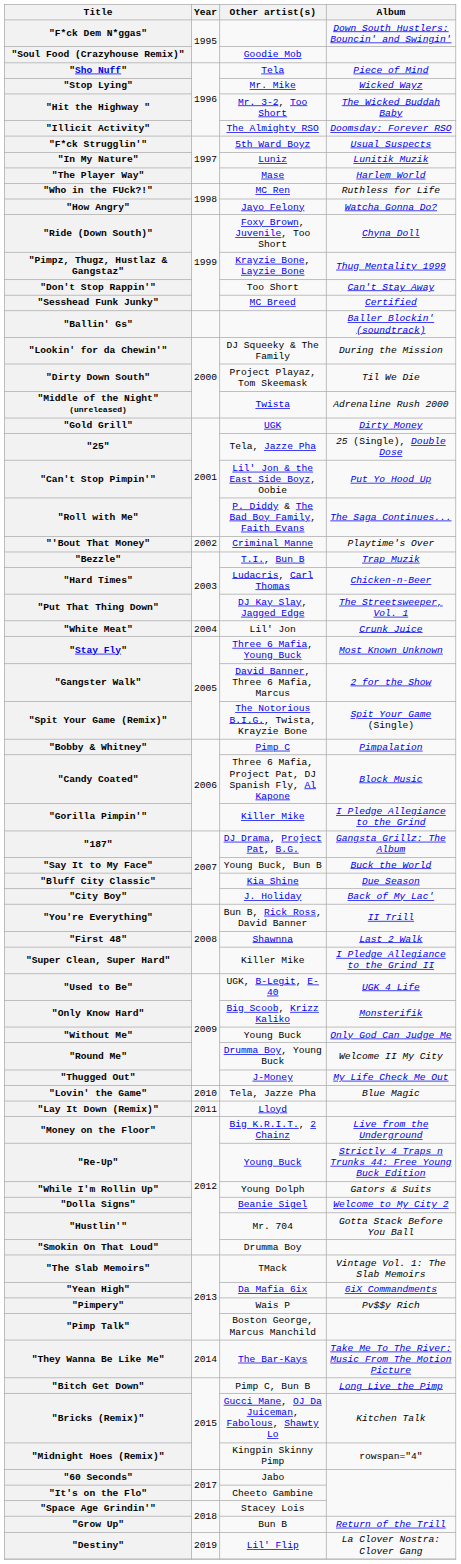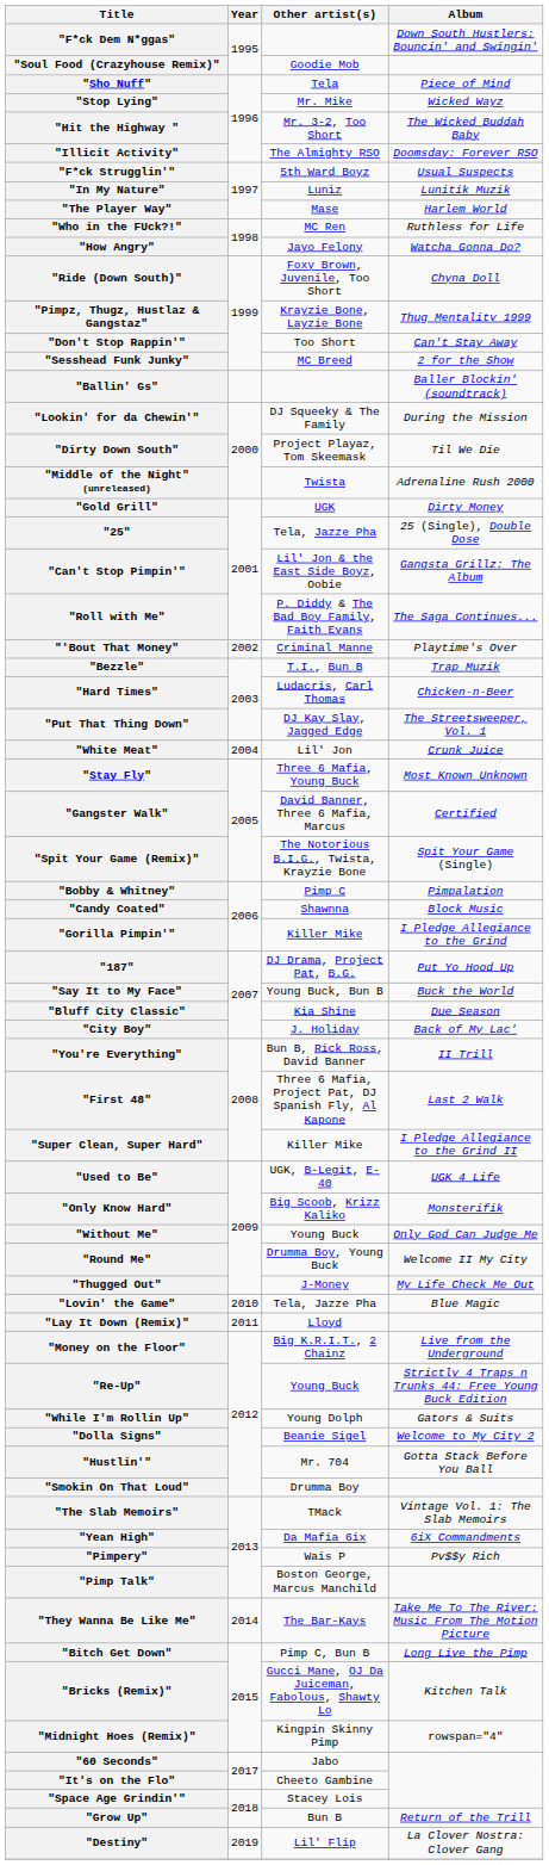 <table class="wikitable plainrowheaders" style="text-align:center;">
 <tr>
 <th scope="col" style="width:19em;">Title</th>
 <th scope="col">Year</th>
 <th scope="col">Other artist(s)</th>
 <th scope="col">Album</th>
 </tr>
 <tr>
 <th scope="row">"F*ck Dem N*ggas"</th>
 <td rowspan="2">1995</td>
 <td></td>
 <td><em><a href='#'>Down South Hustlers: Bouncin' and Swingin'</a></em></td>
 </tr>
 <tr>
 <th>"Soul Food (Crazyhouse Remix)"</th>
 <td><a href='#'>Goodie Mob</a></td>
 <td></td>
 </tr>
 <tr>
 <th scope="row">"<a href='#'>Sho Nuff</a>"</th>
 <td rowspan="4">1996</td>
 <td><a href='#'>Tela</a></td>
 <td><em><a href='#'>Piece of Mind</a></em></td>
 </tr>
 <tr>
 <th scope="row">"Stop Lying"</th>
 <td><a href='#'>Mr. Mike</a></td>
 <td><em><a href='#'>Wicked Wayz</a></em></td>
 </tr>
 <tr>
 <th scope="row">"Hit the Highway "</th>
 <td><a href='#'>Mr. 3-2</a>, <a href='#'>Too Short</a></td>
 <td><em><a href='#'>The Wicked Buddah Baby</a></em></td>
 </tr>
 <tr>
 <th>"Illicit Activity"</th>
 <td><a href='#'>The Almighty RSO</a></td>
 <td><em><a href='#'>Doomsday: Forever RSO</a></em></td>
 </tr>
 <tr>
 <th scope="row">"F*ck Strugglin'"</th>
 <td rowspan="3">1997</td>
 <td><a href='#'>5th Ward Boyz</a></td>
 <td><em><a href='#'>Usual Suspects</a></em></td>
 </tr>
 <tr>
 <th scope="row">"In My Nature"</th>
 <td><a href='#'>Luniz</a></td>
 <td><em><a href='#'>Lunitik Muzik</a></em></td>
 </tr>
 <tr>
 <th scope="row">"The Player Way"</th>
 <td><a href='#'>Mase</a></td>
 <td><em><a href='#'>Harlem World</a></em></td>
 </tr>
 <tr>
 <th>"Who in the FUck?!"</th>
 <td rowspan="2">1998</td>
 <td><a href='#'>MC Ren</a></td>
 <td><em>Ruthless for Life</em></td>
 </tr>
 <tr>
 <th scope="row">"How Angry"</th>
 <td><a href='#'>Jayo Felony</a></td>
 <td><em><a href='#'>Watcha Gonna Do?</a></em></td>
 </tr>
 <tr>
 <th scope="row">"Ride (Down South)"</th>
 <td rowspan="4">1999</td>
 <td><a href='#'>Foxy Brown</a>, <a href='#'>Juvenile</a>, Too Short</td>
 <td><em><a href='#'>Chyna Doll</a></em></td>
 </tr>
 <tr>
 <th scope="row">"Pimpz, Thugz, Hustlaz & Gangstaz"</th>
 <td><a href='#'>Krayzie Bone</a>, <a href='#'>Layzie Bone</a></td>
 <td><em><a href='#'>Thug Mentality 1999</a></em></td>
 </tr>
 <tr>
 <th scope="row">"Don't Stop Rappin'"</th>
 <td>Too Short</td>
 <td><em><a href='#'>Can't Stay Away</a></em></td>
 </tr>
 <tr>
 <th scope="row">"Sesshead Funk Junky"</th>
 <td><a href='#'>MC Breed</a></td>
-<td><em><a href='#'>Certified</a></em></td>
+<td><em><a href='#'>2 for the Show</a></em></td>
 </tr>
 <tr>
 <th>"Ballin' Gs"</th>
 <td></td>
 <td></td>
 <td><em><a href='#'>Baller Blockin' (soundtrack)</a></em></td>
 </tr>
 <tr>
 <th scope="row">"Lookin' for da Chewin'"</th>
 <td rowspan="3">2000</td>
 <td>DJ Squeeky & The Family</td>
 <td><em>During the Mission </em></td>
 </tr>
 <tr>
 <th scope="row">"Dirty Down South"</th>
 <td>Project Playaz, Tom Skeemask</td>
 <td><em>Til We Die</em></td>
 </tr>
 <tr>
 <th scope="row">"Middle of the Night" <small>(unreleased)</small></th>
 <td><a href='#'>Twista</a></td>
 <td><em>Adrenaline Rush 2000</em></td>
 </tr>
 <tr>
 <th scope="row">"Gold Grill"</th>
 <td rowspan="4">2001</td>
 <td><a href='#'>UGK</a></td>
 <td><em><a href='#'>Dirty Money</a></em></td>
 </tr>
 <tr>
 <th scope="row">"25"</th>
 <td>Tela, <a href='#'>Jazze Pha</a></td>
 <td><em>25</em> (Single), <em><a href='#'>Double Dose</a></em></td>
 </tr>
 <tr>
 <th scope="row">"Can't Stop Pimpin'"</th>
 <td><a href='#'>Lil' Jon & the East Side Boyz</a>, Oobie</td>
-<td><em><a href='#'>Put Yo Hood Up</a></em></td>
+<td><em><a href='#'>Gangsta Grillz: The Album</a></em></td>
 </tr>
 <tr>
 <th scope="row">"Roll with Me"</th>
 <td><a href='#'>P. Diddy</a> & <a href='#'>The Bad Boy Family</a>, <a href='#'>Faith Evans</a></td>
 <td><em><a href='#'>The Saga Continues...</a></em></td>
 </tr>
 <tr>
 <th scope="row">"'Bout That Money"</th>
 <td>2002</td>
 <td><a href='#'>Criminal Manne</a></td>
 <td><em>Playtime's Over</em></td>
 </tr>
 <tr>
 <th scope="row">"Bezzle"</th>
 <td rowspan="3">2003</td>
 <td><a href='#'>T.I.</a>, <a href='#'>Bun B</a></td>
 <td><em><a href='#'>Trap Muzik</a></em></td>
 </tr>
 <tr>
 <th scope="row">"Hard Times"</th>
 <td><a href='#'>Ludacris</a>, <a href='#'>Carl Thomas</a></td>
 <td><em><a href='#'>Chicken-n-Beer</a></em></td>
 </tr>
 <tr>
 <th scope="row">"Put That Thing Down"</th>
 <td><a href='#'>DJ Kay Slay</a>, <a href='#'>Jagged Edge</a></td>
 <td><em><a href='#'>The Streetsweeper, Vol. 1</a></em></td>
 </tr>
 <tr>
 <th scope="row">"White Meat"</th>
 <td>2004</td>
 <td>Lil' Jon</td>
 <td><em><a href='#'>Crunk Juice</a></em></td>
 </tr>
 <tr>
 <th scope="row">"<a href='#'>Stay Fly</a>"</th>
 <td rowspan="3">2005</td>
 <td><a href='#'>Three 6 Mafia</a>, <a href='#'>Young Buck</a></td>
 <td><em><a href='#'>Most Known Unknown</a></em></td>
 </tr>
 <tr>
 <th scope="row">"Gangster Walk"</th>
 <td><a href='#'>David Banner</a>, Three 6 Mafia, Marcus</td>
-<td><em><a href='#'>2 for the Show</a></em></td>
+<td><em><a href='#'>Certified</a></em></td>
 </tr>
 <tr>
 <th scope="row">"Spit Your Game (Remix)"</th>
 <td><a href='#'>The Notorious B.I.G.</a>, Twista, Krayzie Bone</td>
 <td><em><a href='#'>Spit Your Game</a></em> (Single)</td>
 </tr>
 <tr>
 <th scope="row">"Bobby & Whitney"</th>
 <td rowspan="3">2006</td>
 <td><a href='#'>Pimp C</a></td>
 <td><em><a href='#'>Pimpalation</a></em></td>
 </tr>
 <tr>
 <th scope="row">"Candy Coated"</th>
-<td>Three 6 Mafia, Project Pat, DJ Spanish Fly, <a href='#'>Al Kapone</a></td>
+<td><a href='#'>Shawnna</a></td>
 <td><em><a href='#'>Block Music</a></em></td>
 </tr>
 <tr>
 <th scope="row">"Gorilla Pimpin'"</th>
 <td><a href='#'>Killer Mike</a></td>
 <td><em><a href='#'>I Pledge Allegiance to the Grind</a></em></td>
 </tr>
 <tr>
 <th scope="row">"187"</th>
 <td rowspan="4">2007</td>
 <td><a href='#'>DJ Drama</a>, <a href='#'>Project Pat</a>, <a href='#'>B.G.</a></td>
-<td><em><a href='#'>Gangsta Grillz: The Album</a></em></td>
+<td><em><a href='#'>Put Yo Hood Up</a></em></td>
 </tr>
 <tr>
 <th scope="row">"Say It to My Face"</th>
 <td>Young Buck, Bun B</td>
 <td><em><a href='#'>Buck the World</a></em></td>
 </tr>
 <tr>
 <th scope="row">"Bluff City Classic"</th>
 <td><a href='#'>Kia Shine</a></td>
 <td><em><a href='#'>Due Season</a></em></td>
 </tr>
 <tr>
 <th scope="row">"City Boy"</th>
 <td><a href='#'>J. Holiday</a></td>
 <td><em><a href='#'>Back of My Lac'</a></em></td>
 </tr>
 <tr>
 <th scope="row">"You're Everything"</th>
 <td rowspan="3">2008</td>
 <td>Bun B, <a href='#'>Rick Ross</a>, David Banner</td>
 <td><em><a href='#'>II Trill</a></em></td>
 </tr>
 <tr>
 <th scope="row">"First 48"</th>
-<td><a href='#'>Shawnna</a></td>
+<td>Three 6 Mafia, Project Pat, DJ Spanish Fly, <a href='#'>Al Kapone</a></td>
 <td><em><a href='#'>Last 2 Walk</a></em></td>
 </tr>
 <tr>
 <th scope="row">"Super Clean, Super Hard"</th>
 <td>Killer Mike</td>
 <td><em><a href='#'>I Pledge Allegiance to the Grind II</a></em></td>
 </tr>
 <tr>
 <th scope="row">"Used to Be"</th>
 <td rowspan="5">2009</td>
 <td>UGK, <a href='#'>B-Legit</a>, <a href='#'>E-40</a></td>
 <td><em><a href='#'>UGK 4 Life</a></em></td>
 </tr>
 <tr>
 <th scope="row">"Only Know Hard"</th>
 <td><a href='#'>Big Scoob</a>, <a href='#'>Krizz Kaliko</a></td>
 <td><em><a href='#'>Monsterifik</a></em></td>
 </tr>
 <tr>
 <th scope="row">"Without Me"</th>
 <td>Young Buck</td>
 <td><em><a href='#'>Only God Can Judge Me</a></em></td>
 </tr>
 <tr>
 <th scope="row">"Round Me"</th>
 <td><a href='#'>Drumma Boy</a>, Young Buck</td>
 <td><em>Welcome II My City</em></td>
 </tr>
 <tr>
 <th scope="row">"Thugged Out"</th>
 <td><a href='#'>J-Money</a></td>
 <td><em><a href='#'>My Life Check Me Out</a></em></td>
 </tr>
 <tr>
 <th scope="row">"Lovin' the Game"</th>
 <td>2010</td>
 <td>Tela, Jazze Pha</td>
 <td><em>Blue Magic</em></td>
 </tr>
 <tr>
 <th scope="row">"Lay It Down (Remix)"</th>
 <td>2011</td>
 <td><a href='#'>Lloyd</a></td>
 <td></td>
 </tr>
 <tr>
 <th scope="row">"Money on the Floor"</th>
 <td rowspan="6">2012</td>
 <td><a href='#'>Big K.R.I.T.</a>, <a href='#'>2 Chainz</a></td>
 <td><em><a href='#'>Live from the Underground</a></em></td>
 </tr>
 <tr>
 <th scope="row">"Re-Up"</th>
 <td><a href='#'>Young Buck</a></td>
 <td><em><a href='#'>Strictly 4 Traps n Trunks 44: Free Young Buck Edition</a></em></td>
 </tr>
 <tr>
 <th scope="row">"While I'm Rollin Up"</th>
 <td>Young Dolph</td>
 <td><em>Gators & Suits</em></td>
 </tr>
 <tr>
 <th scope="row">"Dolla Signs"</th>
 <td><a href='#'>Beanie Sigel</a></td>
 <td><em><a href='#'>Welcome to My City 2</a></em></td>
 </tr>
 <tr>
 <th scope="row">"Hustlin'"</th>
 <td>Mr. 704</td>
 <td><em>Gotta Stack Before You Ball</em></td>
 </tr>
 <tr>
 <th scope="row">"Smokin On That Loud"</th>
 <td>Drumma Boy</td>
 <td></td>
 </tr>
 <tr>
 <th scope="row">"The Slab Memoirs"</th>
 <td rowspan="4">2013</td>
 <td>TMack</td>
 <td><em>Vintage Vol. 1: The Slab Memoirs</em></td>
 </tr>
 <tr>
 <th scope="row">"Yean High"</th>
 <td><a href='#'>Da Mafia 6ix</a></td>
 <td><em><a href='#'>6iX Commandments</a></em></td>
 </tr>
 <tr>
 <th scope="row">"Pimpery"</th>
 <td>Wais P</td>
 <td><em>Pv$$y Rich</em></td>
 </tr>
 <tr>
 <th scope="row">"Pimp Talk"</th>
 <td>Boston George, Marcus Manchild</td>
 <td></td>
 </tr>
 <tr>
 <th scope="row">"They Wanna Be Like Me"</th>
 <td>2014</td>
 <td><a href='#'>The Bar-Kays</a></td>
 <td><em><a href='#'>Take Me To The River: Music From The Motion Picture</a></em></td>
 </tr>
 <tr>
 <th scope="row">"Bitch Get Down"</th>
 <td rowspan="3">2015</td>
 <td>Pimp C, Bun B</td>
 <td><em><a href='#'>Long Live the Pimp</a></em></td>
 </tr>
 <tr>
 <th scope="row">"Bricks (Remix)"</th>
 <td><a href='#'>Gucci Mane</a>, <a href='#'>OJ Da Juiceman</a>, <a href='#'>Fabolous</a>, <a href='#'>Shawty Lo</a></td>
 <td><em>Kitchen Talk</em></td>
 </tr>
 <tr>
 <th scope="row">"Midnight Hoes (Remix)"</th>
 <td>Kingpin Skinny Pimp</td>
 <td>rowspan="4" </td>
 </tr>
 <tr>
 <th scope="row">"60 Seconds"</th>
 <td rowspan="2">2017</td>
 <td>Jabo</td>
 </tr>
 <tr>
 <th scope="row">"It's on the Flo"</th>
 <td>Cheeto Gambine</td>
 </tr>
 <tr>
 <th scope="row">"Space Age Grindin'"</th>
 <td rowspan="2">2018</td>
 <td>Stacey Lois</td>
 </tr>
 <tr>
 <th scope="row">"Grow Up"</th>
 <td>Bun B</td>
 <td><em><a href='#'>Return of the Trill</a></em></td>
 </tr>
 <tr>
 <th scope="row">"Destiny"</th>
 <td>2019</td>
 <td><a href='#'>Lil' Flip</a></td>
 <td><em>La Clover Nostra: Clover Gang</em></td>
 </tr>
 <tr>
 </tr>
 </table>
